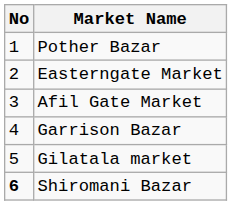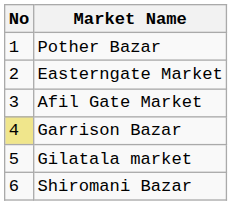 <table class="wikitable">
 <tr>
 <th>No</th>
 <th>Market Name</th>
 </tr>
 <tr>
 <td>1</td>
 <td>Pother Bazar</td>
 </tr>
 <tr>
 <td>2</td>
 <td>Easterngate Market</td>
 </tr>
 <tr>
 <td>3</td>
 <td>Afil Gate Market</td>
 </tr>
 <tr>
-<td>4</td>
+<td style="background: khaki;">4</td>
 <td>Garrison Bazar</td>
 </tr>
 <tr>
 <td>5</td>
 <td>Gilatala market</td>
 </tr>
 <tr>
-<td><strong>6</strong></td>
+<td>6</td>
 <td>Shiromani Bazar</td>
 </tr>
 </table>
